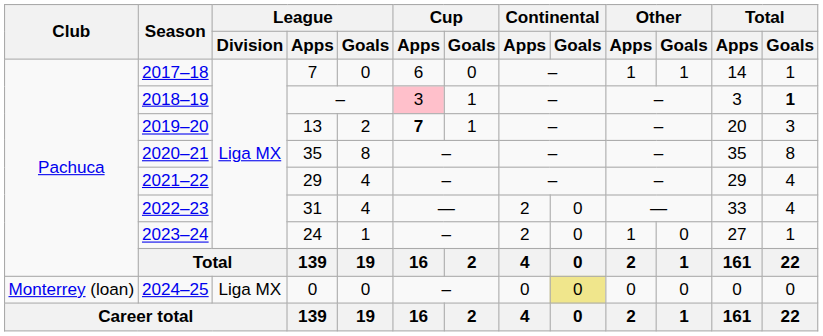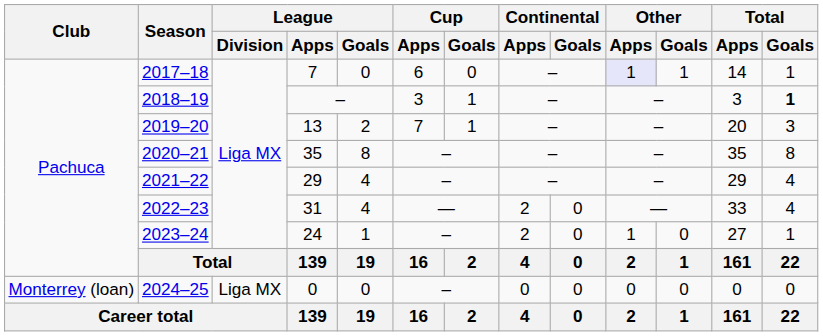 <table class="wikitable" style="text-align: center">
 <tr>
 <th rowspan="2">Club</th>
 <th rowspan="2">Season</th>
 <th colspan="3">League</th>
 <th colspan="2">Cup</th>
 <th colspan="2">Continental</th>
 <th colspan="2">Other</th>
 <th colspan="2">Total</th>
 </tr>
 <tr>
 <th>Division</th>
 <th>Apps</th>
 <th>Goals</th>
 <th>Apps</th>
 <th>Goals</th>
 <th>Apps</th>
 <th>Goals</th>
 <th>Apps</th>
 <th>Goals</th>
 <th>Apps</th>
 <th>Goals</th>
 </tr>
 <tr>
 <td rowspan="8"><a href='#'>Pachuca</a></td>
 <td><a href='#'>2017–18</a></td>
 <td rowspan="7"><a href='#'>Liga MX</a></td>
 <td>7</td>
 <td>0</td>
 <td>6</td>
 <td>0</td>
 <td colspan="2">–</td>
-<td>1</td>
+<td style="background: lavender;">1</td>
 <td>1</td>
 <td>14</td>
 <td>1</td>
 </tr>
 <tr>
 <td><a href='#'>2018–19</a></td>
 <td colspan="2">–</td>
-<td style="background: pink;">3</td>
+<td>3</td>
 <td>1</td>
 <td colspan="2">–</td>
 <td colspan="2">–</td>
 <td>3</td>
 <td><strong>1</strong></td>
 </tr>
 <tr>
 <td><a href='#'>2019–20</a></td>
 <td>13</td>
 <td>2</td>
-<td><strong>7</strong></td>
+<td>7</td>
 <td>1</td>
 <td colspan="2">–</td>
 <td colspan="2">–</td>
 <td>20</td>
 <td>3</td>
 </tr>
 <tr>
 <td><a href='#'>2020–21</a></td>
 <td>35</td>
 <td>8</td>
 <td colspan="2">–</td>
 <td colspan="2">–</td>
 <td colspan="2">–</td>
 <td>35</td>
 <td>8</td>
 </tr>
 <tr>
 <td><a href='#'>2021–22</a></td>
 <td>29</td>
 <td>4</td>
 <td colspan="2">–</td>
 <td colspan="2">–</td>
 <td colspan="2">–</td>
 <td>29</td>
 <td>4</td>
 </tr>
 <tr>
 <td><a href='#'>2022–23</a></td>
 <td>31</td>
 <td>4</td>
 <td colspan="2">—</td>
 <td>2</td>
 <td>0</td>
 <td colspan="2">—</td>
 <td>33</td>
 <td>4</td>
 </tr>
 <tr>
 <td><a href='#'>2023–24</a></td>
 <td>24</td>
 <td>1</td>
 <td colspan="2">–</td>
 <td>2</td>
 <td>0</td>
 <td>1</td>
 <td>0</td>
 <td>27</td>
 <td>1</td>
 </tr>
 <tr>
 <th colspan="2">Total</th>
 <th>139</th>
 <th>19</th>
 <th>16</th>
 <th>2</th>
 <th>4</th>
 <th>0</th>
 <th>2</th>
 <th>1</th>
 <th>161</th>
 <th>22</th>
 </tr>
 <tr>
 <td rowspan="1"><a href='#'>Monterrey</a> (loan)</td>
 <td><a href='#'>2024–25</a></td>
 <td rowspan="1">Liga MX</td>
 <td>0</td>
 <td>0</td>
 <td colspan="2">–</td>
 <td>0</td>
-<td style="background: khaki;">0</td>
+<td>0</td>
 <td>0</td>
 <td>0</td>
 <td>0</td>
 <td>0</td>
 </tr>
 <tr>
 <th colspan="3"><strong>Career total</strong></th>
 <th>139</th>
 <th>19</th>
 <th>16</th>
 <th>2</th>
 <th>4</th>
 <th>0</th>
 <th>2</th>
 <th>1</th>
 <th>161</th>
 <th>22</th>
 </tr>
 </table>
